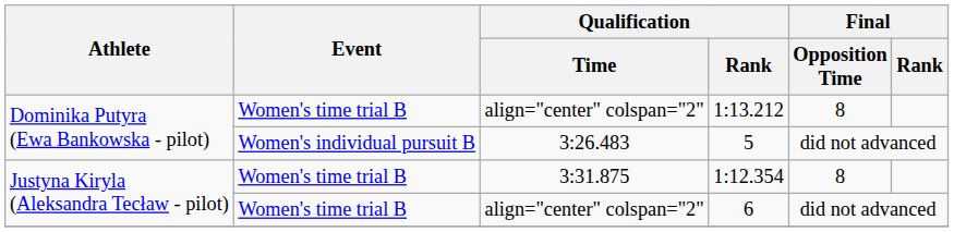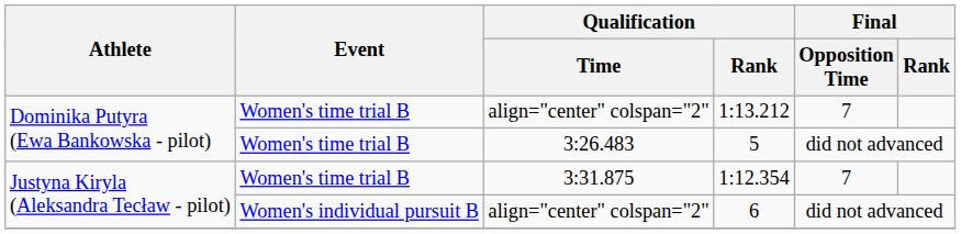 <table class=wikitable style="font-size:90%">
 <tr>
 <th rowspan="2">Athlete</th>
 <th rowspan="2">Event</th>
 <th colspan="2">Qualification</th>
 <th colspan="2">Final</th>
 </tr>
 <tr>
 <th>Time</th>
 <th>Rank</th>
 <th>Opposition<br>Time</th>
 <th>Rank</th>
 </tr>
 <tr>
 <td rowspan="2"><a href='#'>Dominika Putyra</a><br>(<a href='#'>Ewa Bankowska</a> - pilot)</td>
 <td><a href='#'>Women's time trial B</a></td>
 <td>align="center" colspan="2" </td>
 <td align="center">1:13.212</td>
-<td align="center">8</td>
+<td align="center">7</td>
 </tr>
 <tr>
-<td><a href='#'>Women's individual pursuit B</a></td>
+<td><a href='#'>Women's time trial B</a></td>
 <td align="center">3:26.483</td>
 <td align="center">5</td>
 <td align="center" colspan="2">did not advanced</td>
 </tr>
 <tr>
 <td rowspan="2"><a href='#'>Justyna Kiryla</a><br>(<a href='#'>Aleksandra Tecław</a> - pilot)</td>
 <td><a href='#'>Women's time trial B</a></td>
 <td align="center">3:31.875</td>
 <td align="center">1:12.354</td>
-<td align="center">8</td>
+<td align="center">7</td>
 </tr>
 <tr>
-<td><a href='#'>Women's time trial B</a></td>
+<td><a href='#'>Women's individual pursuit B</a></td>
 <td>align="center" colspan="2" </td>
 <td align="center">6</td>
 <td align="center" colspan="2">did not advanced</td>
 </tr>
 <tr>
 </tr>
 </table>
